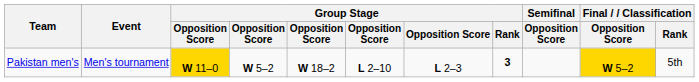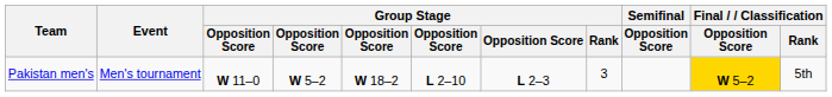 <table class="wikitable" style="font-size:90%;text-align:center">
 <tr>
 <th rowspan="2">Team</th>
 <th rowspan="2">Event</th>
 <th colspan="6">Group Stage</th>
 <th>Semifinal</th>
 <th colspan="2">Final / / Classification</th>
 </tr>
 <tr style="font-size:95%">
 <th>Opposition<br>Score</th>
 <th>Opposition<br>Score</th>
 <th>Opposition<br>Score</th>
 <th>Opposition<br>Score</th>
 <th>Opposition Score</th>
 <th>Rank</th>
 <th>Opposition<br>Score</th>
 <th>Opposition<br>Score</th>
 <th>Rank</th>
 </tr>
 <tr>
 <td align="left"><a href='#'>Pakistan men's</a></td>
 <td align="left"><a href='#'>Men's tournament</a></td>
-<td style="background: gold;"><br><strong>W</strong> 11–0</td>
+<td><br><strong>W</strong> 11–0</td>
 <td><br><strong>W</strong> 5–2</td>
 <td><br><strong>W</strong> 18–2</td>
 <td><br><strong>L</strong> 2–10</td>
 <td><br><strong>L</strong> 2–3</td>
-<td><strong>3</strong></td>
+<td>3</td>
 <td></td>
 <td style="background: gold;"><br><strong>W</strong> 5–2</td>
 <td>5th</td>
 </tr>
 </table>
